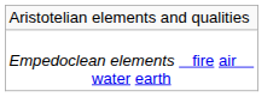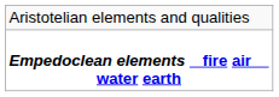 <table class="wikitable floatright">
 <tr>
 <td>Aristotelian elements and qualities</td>
 </tr>
 <tr>
-<td style="background:#ffffff; text-align:center;"><br>  <em>Empedoclean elements</em>   <a href='#'>   fire</a>   <a href='#'>air    </a> <br>  <a href='#'>water</a>   <a href='#'>earth</a></td>
+<td style="background:#ffffff; text-align:center;"><strong><br>  <em>Empedoclean elements</em>   <a href='#'>   fire</a>   <a href='#'>air    </a> <br>  <a href='#'>water</a>   <a href='#'>earth</a></strong></td>
 </tr>
 </table>
